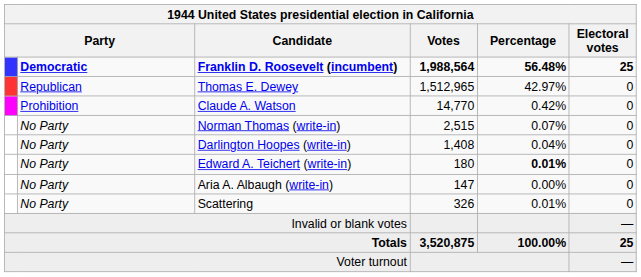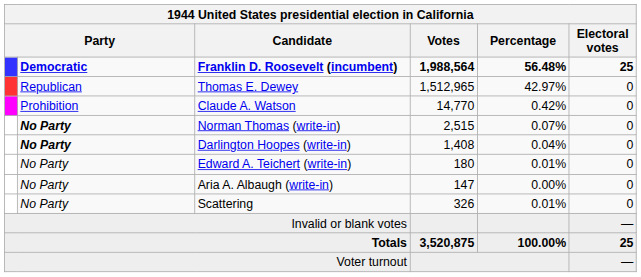 <table class="wikitable" style="font-size: 95%;">
 <tr>
 <th colspan="6">1944 United States presidential election in California</th>
 </tr>
 <tr>
 <th colspan="2" style="width: 15em">Party</th>
 <th style="width: 17em">Candidate</th>
 <th style="width: 5em">Votes</th>
 <th style="width: 7em">Percentage</th>
 <th style="width: 5em">Electoral votes</th>
 </tr>
 <tr>
 <th style="background-color:#3333FF; width: 3px"></th>
 <td style="width: 130px"><strong><a href='#'>Democratic</a></strong></td>
 <td><strong><a href='#'>Franklin D. Roosevelt</a> (<a href='#'>incumbent</a>)</strong></td>
 <td align="right"><strong>1,988,564</strong></td>
 <td align="right"><strong>56.48%</strong></td>
 <td align="right"><strong>25</strong></td>
 </tr>
 <tr>
 <th style="background-color:#FF3333; width: 3px"></th>
 <td style="width: 130px"><a href='#'>Republican</a></td>
 <td><a href='#'>Thomas E. Dewey</a></td>
 <td align="right">1,512,965</td>
 <td align="right">42.97%</td>
 <td align="right">0</td>
 </tr>
 <tr>
 <th style="background-color:#FF00FF; width: 3px"></th>
 <td style="width: 130px"><a href='#'>Prohibition</a></td>
 <td><a href='#'>Claude A. Watson</a></td>
 <td align="right">14,770</td>
 <td align="right">0.42%</td>
 <td align="right">0</td>
 </tr>
 <tr>
 <th style="background-color:#FFFFFF; width: 3px"></th>
-<td style="width: 130px"><em>No Party</em></td>
+<td style="width: 130px"><strong><em>No Party</em></strong></td>
 <td><a href='#'>Norman Thomas</a> (<a href='#'>write-in</a>)</td>
 <td align="right">2,515</td>
 <td align="right">0.07%</td>
 <td align="right">0</td>
 </tr>
 <tr>
 <th style="background-color:#FFFFFF; width: 3px"></th>
-<td style="width: 130px"><em>No Party</em></td>
+<td style="width: 130px"><strong><em>No Party</em></strong></td>
 <td><a href='#'>Darlington Hoopes</a> (<a href='#'>write-in</a>)</td>
 <td align="right">1,408</td>
 <td align="right">0.04%</td>
 <td align="right">0</td>
 </tr>
 <tr>
 <th style="background-color:#FFFFFF; width: 3px"></th>
 <td style="width: 130px"><em>No Party</em></td>
 <td><a href='#'>Edward A. Teichert</a> (<a href='#'>write-in</a>)</td>
 <td align="right">180</td>
-<td align="right"><strong>0.01%</strong></td>
+<td align="right">0.01%</td>
 <td align="right">0</td>
 </tr>
 <tr>
 <th style="background-color:#FFFFFF; width: 3px"></th>
 <td style="width: 130px"><em>No Party</em></td>
 <td>Aria A. Albaugh (<a href='#'>write-in</a>)</td>
 <td align="right">147</td>
 <td align="right">0.00%</td>
 <td align="right">0</td>
 </tr>
 <tr>
 <th style="background-color:#FFFFFF; width: 3px"></th>
 <td style="width: 130px"><em>No Party</em></td>
 <td>Scattering</td>
 <td align="right">326</td>
 <td align="right">0.01%</td>
 <td align="right">0</td>
 </tr>
 <tr bgcolor="#EEEEEE">
 <td colspan="3" align="right">Invalid or blank votes</td>
 <td align="right"></td>
 <td align="right"></td>
 <td align="right">—</td>
 </tr>
 <tr bgcolor="#EEEEEE">
 <td colspan="3" align="right"><strong>Totals</strong></td>
 <td align="right"><strong>3,520,875</strong></td>
 <td align="right"><strong>100.00%</strong></td>
 <td align="right"><strong>25</strong></td>
 </tr>
 <tr bgcolor="#EEEEEE">
 <td colspan="3" align="right">Voter turnout</td>
 <td colspan="2" align="right"></td>
 <td align="right">—</td>
 </tr>
 </table>
